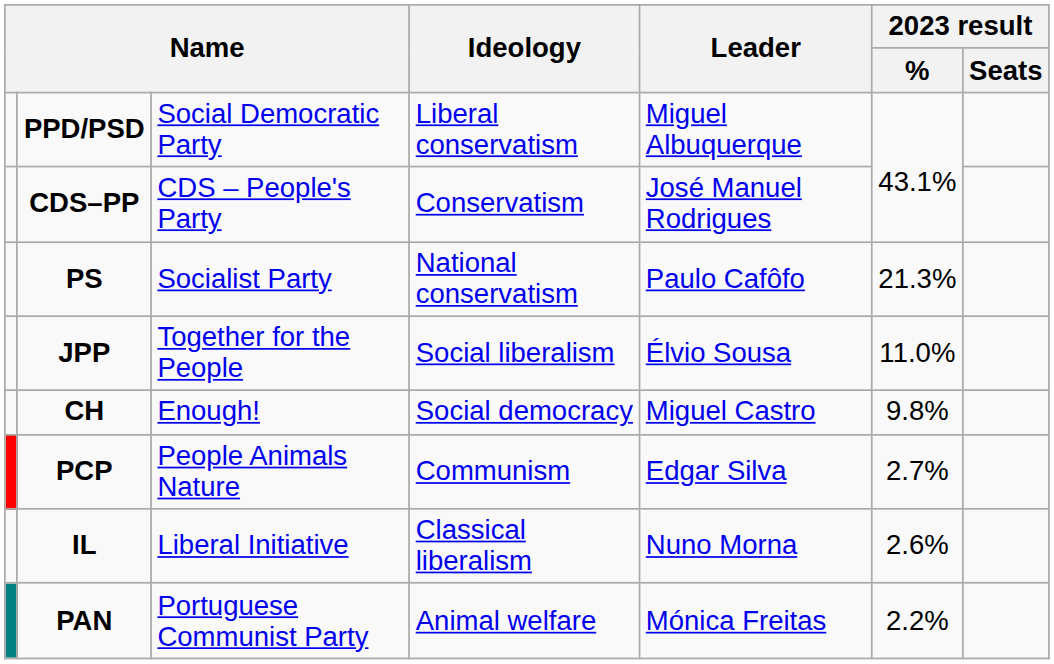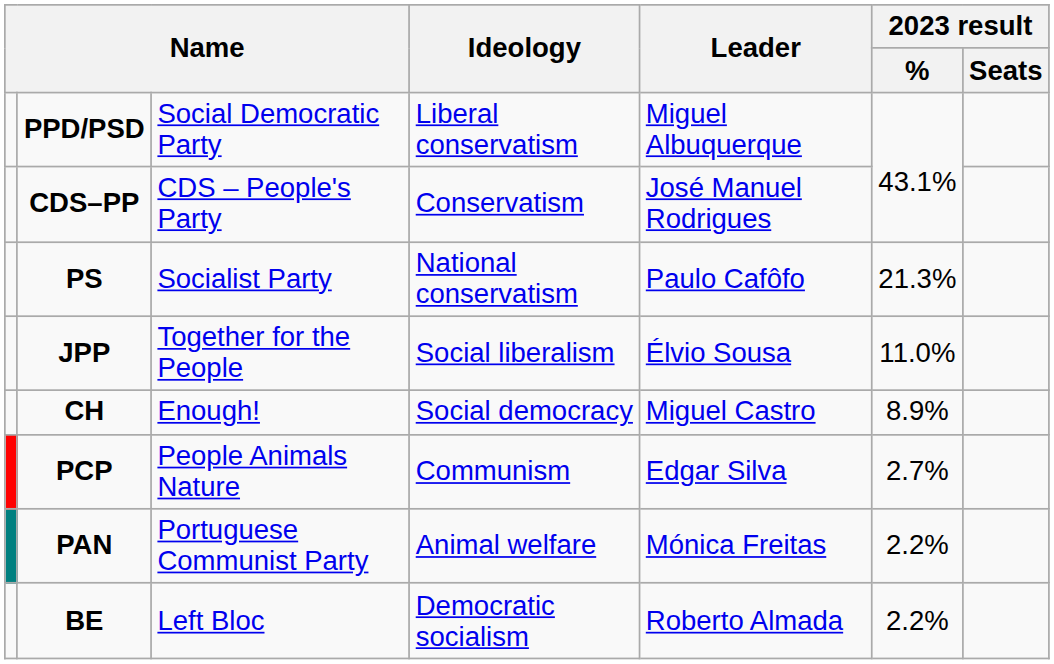 <table class="wikitable">
 <tr>
 <th rowspan="2" colspan="3">Name</th>
 <th rowspan="2">Ideology</th>
 <th rowspan="2">Leader</th>
 <th colspan="2">2023 result</th>
 </tr>
 <tr>
 <th>%</th>
 <th>Seats</th>
 </tr>
 <tr>
 <td style="color:inherit;background:"></td>
 <td style="text-align:center;"><strong>PPD/PSD</strong></td>
 <td><a href='#'>Social Democratic Party</a><br></td>
 <td><a href='#'>Liberal conservatism</a></td>
 <td><a href='#'>Miguel Albuquerque</a></td>
 <td rowspan="2" style="text-align:center;"><br>43.1%<br></td>
 <td></td>
 </tr>
 <tr>
 <td style="color:inherit;background:"></td>
 <td style="text-align:center;"><strong>CDS–PP</strong></td>
 <td><a href='#'>CDS – People's Party</a><br></td>
 <td><a href='#'>Conservatism</a></td>
 <td><a href='#'>José Manuel Rodrigues</a></td>
 <td></td>
 </tr>
 <tr>
 <td style="color:inherit;background:"></td>
 <td style="text-align:center;"><strong>PS</strong></td>
 <td><a href='#'>Socialist Party</a><br></td>
 <td><a href='#'>National conservatism</a></td>
 <td><a href='#'>Paulo Cafôfo</a></td>
 <td style="text-align:center;">21.3%</td>
 <td></td>
 </tr>
 <tr>
 <td style="color:inherit;background:"></td>
 <td style="text-align:center;"><strong>JPP</strong></td>
 <td><a href='#'>Together for the People</a><br></td>
 <td><a href='#'>Social liberalism</a></td>
 <td><a href='#'>Élvio Sousa</a></td>
 <td style="text-align:center;">11.0%</td>
 <td></td>
 </tr>
 <tr>
 <td style="color:inherit;background:"></td>
 <td style="text-align:center;"><strong>CH</strong></td>
 <td><a href='#'>Enough!</a><br></td>
 <td><a href='#'>Social democracy</a></td>
 <td><a href='#'>Miguel Castro</a></td>
-<td style="text-align:center;">9.8%</td>
+<td style="text-align:center;">8.9%</td>
 <td></td>
 </tr>
 <tr>
 <td style="background:#FF0000;"></td>
 <td style="text-align:center;"><strong>PCP</strong></td>
 <td><a href='#'>People Animals Nature</a><br></td>
 <td><a href='#'>Communism</a></td>
 <td><a href='#'>Edgar Silva</a></td>
 <td style="text-align:center;">2.7%<br></td>
 <td></td>
 </tr>
 <tr>
-<td style="color:inherit;background:"></td>
-<td style="text-align:center;"><strong>IL</strong></td>
-<td><a href='#'>Liberal Initiative</a><br></td>
-<td><a href='#'>Classical liberalism</a></td>
-<td><a href='#'>Nuno Morna</a></td>
-<td style="text-align:center;">2.6%</td>
-<td></td>
-</tr>
-<tr>
 <td style="background:#008080;"></td>
 <td style="text-align:center;"><strong>PAN</strong></td>
 <td><a href='#'>Portuguese Communist Party</a><br></td>
 <td><a href='#'>Animal welfare</a></td>
 <td><a href='#'>Mónica Freitas</a></td>
 <td style="text-align:center;">2.2%</td>
 <td></td>
 </tr>
+<tr>
+<td style="color:inherit;background:"></td>
+<td style="text-align:center;"><strong>BE</strong></td>
+<td><a href='#'>Left Bloc</a><br></td>
+<td><a href='#'>Democratic socialism</a></td>
+<td><a href='#'>Roberto Almada</a></td>
+<td style="text-align:center;">2.2%</td>
+<td></td>
+</tr>
 </table>
